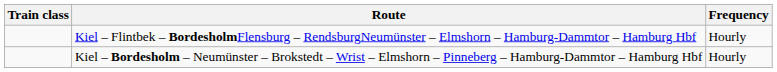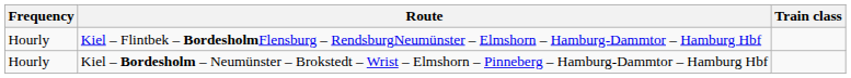 <table class="wikitable">
 <tr>
+<th>Frequency</th>
+<th>Route</th>
 <th>Train class</th>
-<th>Route</th>
-<th>Frequency</th>
 </tr>
 <tr>
+<td>Hourly</td>
+<td><a href='#'>Kiel</a> – Flintbek – <strong>Bordesholm</strong><a href='#'>Flensburg</a> – <a href='#'>Rendsburg</a><a href='#'>Neumünster</a> – <a href='#'>Elmshorn</a> – <a href='#'>Hamburg-Dammtor</a> – <a href='#'>Hamburg Hbf</a></td>
 <td align="center"></td>
-<td><a href='#'>Kiel</a> – Flintbek – <strong>Bordesholm</strong><a href='#'>Flensburg</a> – <a href='#'>Rendsburg</a><a href='#'>Neumünster</a> – <a href='#'>Elmshorn</a> – <a href='#'>Hamburg-Dammtor</a> – <a href='#'>Hamburg Hbf</a></td>
-<td>Hourly</td>
 </tr>
 <tr>
+<td>Hourly</td>
+<td>Kiel – <strong>Bordesholm</strong> – Neumünster – Brokstedt – <a href='#'>Wrist</a> – Elmshorn – <a href='#'>Pinneberg</a> – Hamburg-Dammtor – Hamburg Hbf</td>
 <td align="center"></td>
-<td>Kiel – <strong>Bordesholm</strong> – Neumünster – Brokstedt – <a href='#'>Wrist</a> – Elmshorn – <a href='#'>Pinneberg</a> – Hamburg-Dammtor – Hamburg Hbf</td>
-<td>Hourly</td>
 </tr>
 </table>
